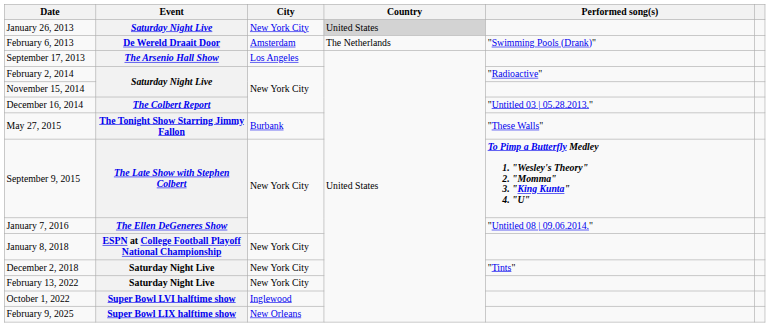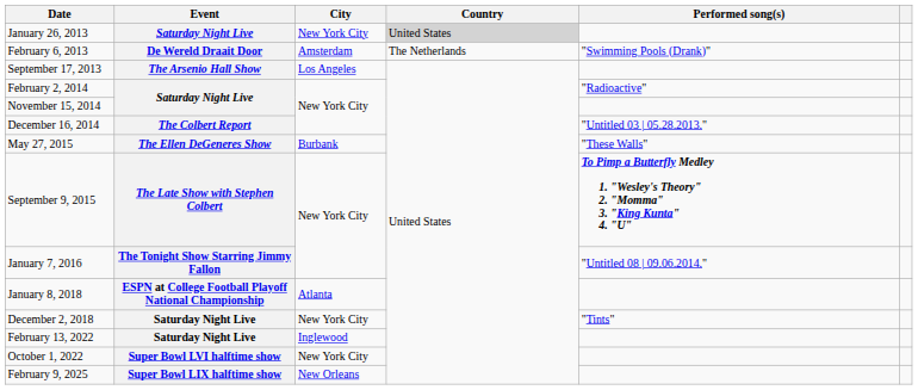 <table class="wikitable sortable plainrowheaders">
 <tr>
 <th style="width:12%;">Date</th>
 <th style="width:20%;">Event</th>
 <th style="width:10%;">City</th>
 <th>Country</th>
 <th>Performed song(s)</th>
 <th scope="col" class="unsortable"></th>
 </tr>
 <tr>
 <td>January 26, 2013</td>
 <th scope="row"><em><a href='#'>Saturday Night Live</a></em></th>
 <td><a href='#'>New York City</a></td>
 <td style="background: lightgrey;">United States</td>
 <td></td>
 <td align="center"></td>
 </tr>
 <tr>
 <td>February 6, 2013</td>
 <th><a href='#'>De Wereld Draait Door</a></th>
 <td><a href='#'>Amsterdam</a></td>
 <td>The Netherlands</td>
 <td>"<a href='#'>Swimming Pools (Drank)</a>"</td>
 <td align="center"></td>
 </tr>
 <tr>
 <td>September 17, 2013</td>
 <th scope="row"><em><a href='#'>The Arsenio Hall Show</a></em></th>
 <td><a href='#'>Los Angeles</a></td>
 <td rowspan="12">United States</td>
 <td></td>
 <td align="center"></td>
 </tr>
 <tr>
 <td>February 2, 2014</td>
 <th scope="row" rowspan="2"><em>Saturday Night Live</em></th>
 <td rowspan="3">New York City</td>
 <td>"<a href='#'>Radioactive</a>" </td>
 <td align="center"></td>
 </tr>
 <tr>
 <td>November 15, 2014</td>
 <td></td>
 <td align="center"></td>
 </tr>
 <tr>
 <td>December 16, 2014</td>
 <th scope="row"><em><a href='#'>The Colbert Report</a></em></th>
 <td>"<a href='#'>Untitled 03 | 05.28.2013.</a>"</td>
 <td align="center"></td>
 </tr>
 <tr>
 <td>May 27, 2015</td>
-<th scope="row"></em><a href='#'>The Tonight Show Starring Jimmy Fallon</a><em></th>
+<th scope="row"><em><a href='#'>The Ellen DeGeneres Show</a></em></th>
 <td><a href='#'>Burbank</a></td>
 <td>"<a href='#'>These Walls</a>"</td>
 <td align="center"></td>
 </tr>
 <tr>
 <td>September 9, 2015</td>
 <th scope="row"><em><a href='#'>The Late Show with Stephen Colbert</a></em></th>
 <td rowspan="2">New York City</td>
 <td><strong><em><a href='#'>To Pimp a Butterfly</a><em> Medley<strong><br><ol><li>"Wesley's Theory"</li><li>"Momma"</li><li>"<a href='#'>King Kunta</a>"</li><li>"U"</li></ol></td>
 <td align="center"></td>
 </tr>
 <tr>
 <td>January 7, 2016</td>
-<th scope="row"><em><a href='#'>The Ellen DeGeneres Show</a></em></th>
+<th scope="row"></em><a href='#'>The Tonight Show Starring Jimmy Fallon</a><em></th>
 <td>"<a href='#'>Untitled 08 | 09.06.2014.</a>" </td>
 <td align="center"></td>
 </tr>
 <tr>
 <td>January 8, 2018</td>
 <th scope="row"><a href='#'>ESPN</a> at <a href='#'>College Football Playoff National Championship</a></th>
-<td>New York City</td>
+<td><a href='#'>Atlanta</a></td>
 <td></td>
 <td align="center"><br></td>
 </tr>
 <tr>
 <td>December 2, 2018</td>
 <th scope="row"></em>Saturday Night Live<em></th>
 <td>New York City</td>
 <td>"<a href='#'>Tints</a>" </td>
 <td align="center"></td>
 </tr>
 <tr>
 <td>February 13, 2022</td>
 <th scope="row"></em>Saturday Night Live<em></th>
-<td>New York City</td>
+<td><a href='#'>Inglewood</a></td>
 <td></td>
 <td align="center"><br></td>
 </tr>
 <tr>
 <td>October 1, 2022</td>
 <th scope="row"><a href='#'>Super Bowl LVI halftime show</a></th>
-<td><a href='#'>Inglewood</a></td>
+<td>New York City</td>
 <td></td>
 <td align="center"><br></td>
 </tr>
 <tr>
 <td>February 9, 2025</td>
 <th scope="row"><a href='#'>Super Bowl LIX halftime show</a></th>
 <td><a href='#'>New Orleans</a></td>
 <td></td>
 <td></td>
 </tr>
 </table>
